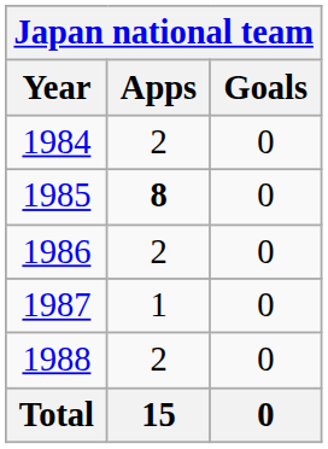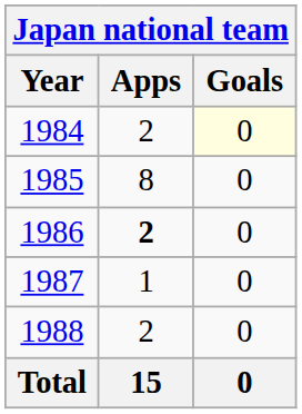 <table class="wikitable" style="text-align:center">
 <tr>
 <th colspan=3><a href='#'>Japan national team</a></th>
 </tr>
 <tr>
 <th>Year</th>
 <th>Apps</th>
 <th>Goals</th>
 </tr>
 <tr>
 <td><a href='#'>1984</a></td>
 <td>2</td>
-<td>0</td>
+<td style="background: lightyellow;">0</td>
 </tr>
 <tr>
 <td><a href='#'>1985</a></td>
-<td><strong>8</strong></td>
+<td>8</td>
 <td>0</td>
 </tr>
 <tr>
 <td><a href='#'>1986</a></td>
-<td>2</td>
+<td><strong>2</strong></td>
 <td>0</td>
 </tr>
 <tr>
 <td><a href='#'>1987</a></td>
 <td>1</td>
 <td>0</td>
 </tr>
 <tr>
 <td><a href='#'>1988</a></td>
 <td>2</td>
 <td>0</td>
 </tr>
 <tr>
 <th>Total</th>
 <th>15</th>
 <th>0</th>
 </tr>
 </table>
